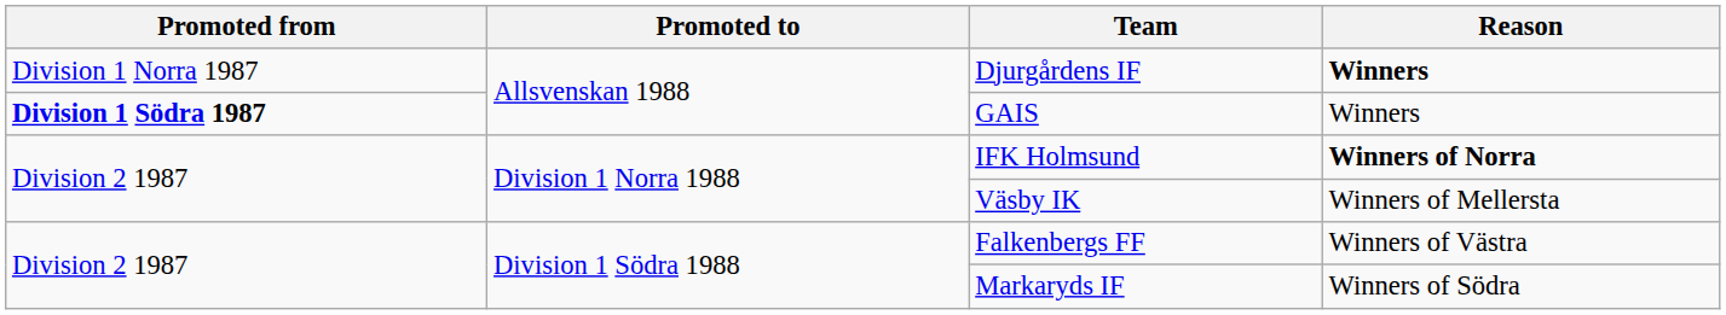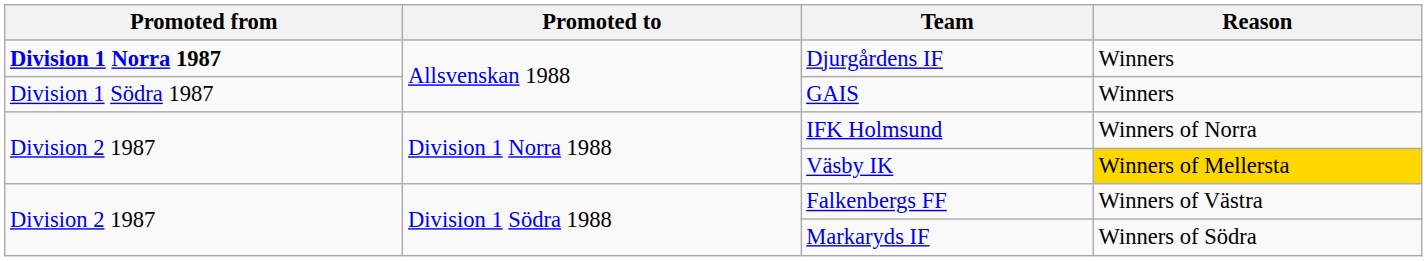 <table class="wikitable" style="text-align: left">
 <tr>
 <th style="width: 275px;">Promoted from</th>
 <th style="width: 275px;">Promoted to</th>
 <th style="width: 200px;">Team</th>
 <th style="width: 225px;">Reason</th>
 </tr>
 <tr>
-<td><a href='#'>Division 1</a> <a href='#'>Norra</a> 1987</td>
+<td><strong><a href='#'>Division 1</a> <a href='#'>Norra</a> 1987</strong></td>
 <td rowspan=2><a href='#'>Allsvenskan</a> 1988</td>
 <td><a href='#'>Djurgårdens IF</a></td>
-<td><strong>Winners</strong></td>
+<td>Winners</td>
 </tr>
 <tr>
-<td><strong><a href='#'>Division 1</a> <a href='#'>Södra</a> 1987</strong></td>
+<td><a href='#'>Division 1</a> <a href='#'>Södra</a> 1987</td>
 <td><a href='#'>GAIS</a></td>
 <td>Winners</td>
 </tr>
 <tr>
 <td rowspan=2><a href='#'>Division 2</a> 1987</td>
 <td rowspan=2><a href='#'>Division 1</a> <a href='#'>Norra</a> 1988</td>
 <td><a href='#'>IFK Holmsund</a></td>
-<td><strong>Winners of Norra</strong></td>
+<td>Winners of Norra</td>
 </tr>
 <tr>
 <td><a href='#'>Väsby IK</a></td>
-<td>Winners of Mellersta</td>
+<td style="background: gold;">Winners of Mellersta</td>
 </tr>
 <tr>
 <td rowspan=2><a href='#'>Division 2</a> 1987</td>
 <td rowspan=2><a href='#'>Division 1</a> <a href='#'>Södra</a> 1988</td>
 <td><a href='#'>Falkenbergs FF</a></td>
 <td>Winners of Västra</td>
 </tr>
 <tr>
 <td><a href='#'>Markaryds IF</a></td>
 <td>Winners of Södra</td>
 </tr>
 </table>
